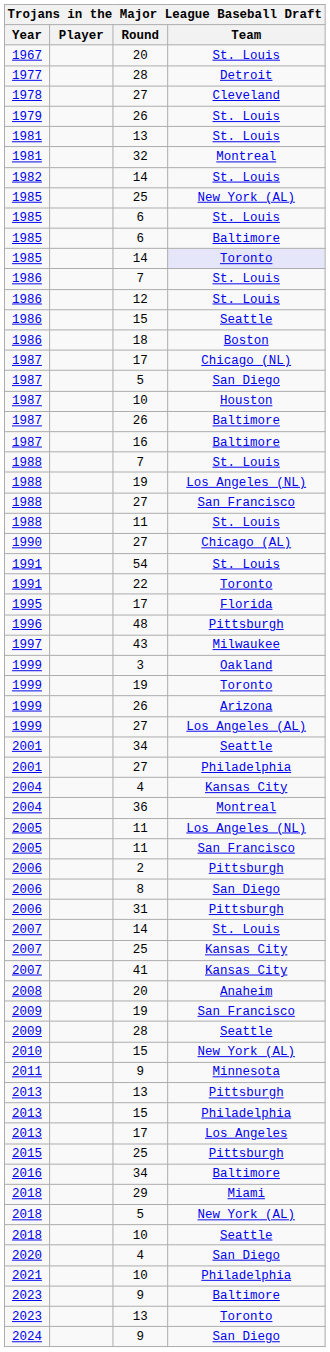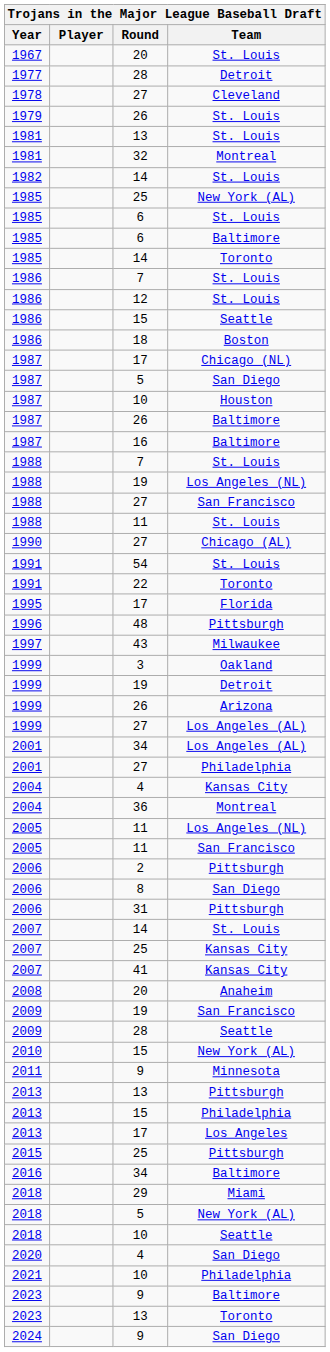 <table class="wikitable sortable collapsible collapsed" style="text-align:center">
 <tr>
 <th colspan=4>Trojans in the Major League Baseball Draft</th>
 </tr>
 <tr>
 <th>Year</th>
 <th>Player</th>
 <th>Round</th>
 <th>Team</th>
 </tr>
 <tr>
 <td><a href='#'>1967</a></td>
 <td></td>
 <td>20</td>
 <td><a href='#'>St. Louis</a></td>
 </tr>
 <tr>
 <td><a href='#'>1977</a></td>
 <td></td>
 <td>28</td>
 <td><a href='#'>Detroit</a></td>
 </tr>
 <tr>
 <td><a href='#'>1978</a></td>
 <td></td>
 <td>27</td>
 <td><a href='#'>Cleveland</a></td>
 </tr>
 <tr>
 <td><a href='#'>1979</a></td>
 <td></td>
 <td>26</td>
 <td><a href='#'>St. Louis</a></td>
 </tr>
 <tr>
 <td><a href='#'>1981</a></td>
 <td></td>
 <td>13</td>
 <td><a href='#'>St. Louis</a></td>
 </tr>
 <tr>
 <td><a href='#'>1981</a></td>
 <td></td>
 <td>32</td>
 <td><a href='#'>Montreal</a></td>
 </tr>
 <tr>
 <td><a href='#'>1982</a></td>
 <td></td>
 <td>14</td>
 <td><a href='#'>St. Louis</a></td>
 </tr>
 <tr>
 <td><a href='#'>1985</a></td>
 <td></td>
 <td>25</td>
 <td><a href='#'>New York (AL)</a></td>
 </tr>
 <tr>
 <td><a href='#'>1985</a></td>
 <td></td>
 <td>6</td>
 <td><a href='#'>St. Louis</a></td>
 </tr>
 <tr>
 <td><a href='#'>1985</a></td>
 <td></td>
 <td>6</td>
 <td><a href='#'>Baltimore</a></td>
 </tr>
 <tr>
 <td><a href='#'>1985</a></td>
 <td></td>
 <td>14</td>
-<td style="background: lavender;"><a href='#'>Toronto</a></td>
+<td><a href='#'>Toronto</a></td>
 </tr>
 <tr>
 <td><a href='#'>1986</a></td>
 <td></td>
 <td>7</td>
 <td><a href='#'>St. Louis</a></td>
 </tr>
 <tr>
 <td><a href='#'>1986</a></td>
 <td></td>
 <td>12</td>
 <td><a href='#'>St. Louis</a></td>
 </tr>
 <tr>
 <td><a href='#'>1986</a></td>
 <td></td>
 <td>15</td>
 <td><a href='#'>Seattle</a></td>
 </tr>
 <tr>
 <td><a href='#'>1986</a></td>
 <td></td>
 <td>18</td>
 <td><a href='#'>Boston</a></td>
 </tr>
 <tr>
 <td><a href='#'>1987</a></td>
 <td></td>
 <td>17</td>
 <td><a href='#'>Chicago (NL)</a></td>
 </tr>
 <tr>
 <td><a href='#'>1987</a></td>
 <td></td>
 <td>5</td>
 <td><a href='#'>San Diego</a></td>
 </tr>
 <tr>
 <td><a href='#'>1987</a></td>
 <td></td>
 <td>10</td>
 <td><a href='#'>Houston</a></td>
 </tr>
 <tr>
 <td><a href='#'>1987</a></td>
 <td></td>
 <td>26</td>
 <td><a href='#'>Baltimore</a></td>
 </tr>
 <tr>
 <td><a href='#'>1987</a></td>
 <td></td>
 <td>16</td>
 <td><a href='#'>Baltimore</a></td>
 </tr>
 <tr>
 <td><a href='#'>1988</a></td>
 <td></td>
 <td>7</td>
 <td><a href='#'>St. Louis</a></td>
 </tr>
 <tr>
 <td><a href='#'>1988</a></td>
 <td></td>
 <td>19</td>
 <td><a href='#'>Los Angeles (NL)</a></td>
 </tr>
 <tr>
 <td><a href='#'>1988</a></td>
 <td></td>
 <td>27</td>
 <td><a href='#'>San Francisco</a></td>
 </tr>
 <tr>
 <td><a href='#'>1988</a></td>
 <td></td>
 <td>11</td>
 <td><a href='#'>St. Louis</a></td>
 </tr>
 <tr>
 <td><a href='#'>1990</a></td>
 <td></td>
 <td>27</td>
 <td><a href='#'>Chicago (AL)</a></td>
 </tr>
 <tr>
 <td><a href='#'>1991</a></td>
 <td></td>
 <td>54</td>
 <td><a href='#'>St. Louis</a></td>
 </tr>
 <tr>
 <td><a href='#'>1991</a></td>
 <td></td>
 <td>22</td>
 <td><a href='#'>Toronto</a></td>
 </tr>
 <tr>
 <td><a href='#'>1995</a></td>
 <td></td>
 <td>17</td>
 <td><a href='#'>Florida</a></td>
 </tr>
 <tr>
 <td><a href='#'>1996</a></td>
 <td></td>
 <td>48</td>
 <td><a href='#'>Pittsburgh</a></td>
 </tr>
 <tr>
 <td><a href='#'>1997</a></td>
 <td></td>
 <td>43</td>
 <td><a href='#'>Milwaukee</a></td>
 </tr>
 <tr>
 <td><a href='#'>1999</a></td>
 <td></td>
 <td>3</td>
 <td><a href='#'>Oakland</a></td>
 </tr>
 <tr>
 <td><a href='#'>1999</a></td>
 <td></td>
 <td>19</td>
-<td><a href='#'>Toronto</a></td>
+<td><a href='#'>Detroit</a></td>
 </tr>
 <tr>
 <td><a href='#'>1999</a></td>
 <td></td>
 <td>26</td>
 <td><a href='#'>Arizona</a></td>
 </tr>
 <tr>
 <td><a href='#'>1999</a></td>
 <td></td>
 <td>27</td>
 <td><a href='#'>Los Angeles (AL)</a></td>
 </tr>
 <tr>
 <td><a href='#'>2001</a></td>
 <td></td>
 <td>34</td>
-<td><a href='#'>Seattle</a></td>
+<td><a href='#'>Los Angeles (AL)</a></td>
 </tr>
 <tr>
 <td><a href='#'>2001</a></td>
 <td></td>
 <td>27</td>
 <td><a href='#'>Philadelphia</a></td>
 </tr>
 <tr>
 <td><a href='#'>2004</a></td>
 <td></td>
 <td>4</td>
 <td><a href='#'>Kansas City</a></td>
 </tr>
 <tr>
 <td><a href='#'>2004</a></td>
 <td></td>
 <td>36</td>
 <td><a href='#'>Montreal</a></td>
 </tr>
 <tr>
 <td><a href='#'>2005</a></td>
 <td></td>
 <td>11</td>
 <td><a href='#'>Los Angeles (NL)</a></td>
 </tr>
 <tr>
 <td><a href='#'>2005</a></td>
 <td></td>
 <td>11</td>
 <td><a href='#'>San Francisco</a></td>
 </tr>
 <tr>
 <td><a href='#'>2006</a></td>
 <td></td>
 <td>2</td>
 <td><a href='#'>Pittsburgh</a></td>
 </tr>
 <tr>
 <td><a href='#'>2006</a></td>
 <td></td>
 <td>8</td>
 <td><a href='#'>San Diego</a></td>
 </tr>
 <tr>
 <td><a href='#'>2006</a></td>
 <td></td>
 <td>31</td>
 <td><a href='#'>Pittsburgh</a></td>
 </tr>
 <tr>
 <td><a href='#'>2007</a></td>
 <td></td>
 <td>14</td>
 <td><a href='#'>St. Louis</a></td>
 </tr>
 <tr>
 <td><a href='#'>2007</a></td>
 <td></td>
 <td>25</td>
 <td><a href='#'>Kansas City</a></td>
 </tr>
 <tr>
 <td><a href='#'>2007</a></td>
 <td></td>
 <td>41</td>
 <td><a href='#'>Kansas City</a></td>
 </tr>
 <tr>
 <td><a href='#'>2008</a></td>
 <td></td>
 <td>20</td>
 <td><a href='#'>Anaheim</a></td>
 </tr>
 <tr>
 <td><a href='#'>2009</a></td>
 <td></td>
 <td>19</td>
 <td><a href='#'>San Francisco</a></td>
 </tr>
 <tr>
 <td><a href='#'>2009</a></td>
 <td></td>
 <td>28</td>
 <td><a href='#'>Seattle</a></td>
 </tr>
 <tr>
 <td><a href='#'>2010</a></td>
 <td></td>
 <td>15</td>
 <td><a href='#'>New York (AL)</a></td>
 </tr>
 <tr>
 <td><a href='#'>2011</a></td>
 <td></td>
 <td>9</td>
 <td><a href='#'>Minnesota</a></td>
 </tr>
 <tr>
 <td><a href='#'>2013</a></td>
 <td></td>
 <td>13</td>
 <td><a href='#'>Pittsburgh</a></td>
 </tr>
 <tr>
 <td><a href='#'>2013</a></td>
 <td></td>
 <td>15</td>
 <td><a href='#'>Philadelphia</a></td>
 </tr>
 <tr>
 <td><a href='#'>2013</a></td>
 <td></td>
 <td>17</td>
 <td><a href='#'>Los Angeles</a></td>
 </tr>
 <tr>
 <td><a href='#'>2015</a></td>
 <td></td>
 <td>25</td>
 <td><a href='#'>Pittsburgh</a></td>
 </tr>
 <tr>
 <td><a href='#'>2016</a></td>
 <td></td>
 <td>34</td>
 <td><a href='#'>Baltimore</a></td>
 </tr>
 <tr>
 <td><a href='#'>2018</a></td>
 <td></td>
 <td>29</td>
 <td><a href='#'>Miami</a></td>
 </tr>
 <tr>
 <td><a href='#'>2018</a></td>
 <td></td>
 <td>5</td>
 <td><a href='#'>New York (AL)</a></td>
 </tr>
 <tr>
 <td><a href='#'>2018</a></td>
 <td></td>
 <td>10</td>
 <td><a href='#'>Seattle</a></td>
 </tr>
 <tr>
 <td><a href='#'>2020</a></td>
 <td></td>
 <td>4</td>
 <td><a href='#'>San Diego</a></td>
 </tr>
 <tr>
 <td><a href='#'>2021</a></td>
 <td></td>
 <td>10</td>
 <td><a href='#'>Philadelphia</a></td>
 </tr>
 <tr>
 <td><a href='#'>2023</a></td>
 <td></td>
 <td>9</td>
 <td><a href='#'>Baltimore</a></td>
 </tr>
 <tr>
 <td><a href='#'>2023</a></td>
 <td></td>
 <td>13</td>
 <td><a href='#'>Toronto</a></td>
 </tr>
 <tr>
 <td><a href='#'>2024</a></td>
 <td></td>
 <td>9</td>
 <td><a href='#'>San Diego</a></td>
 </tr>
 </table>
